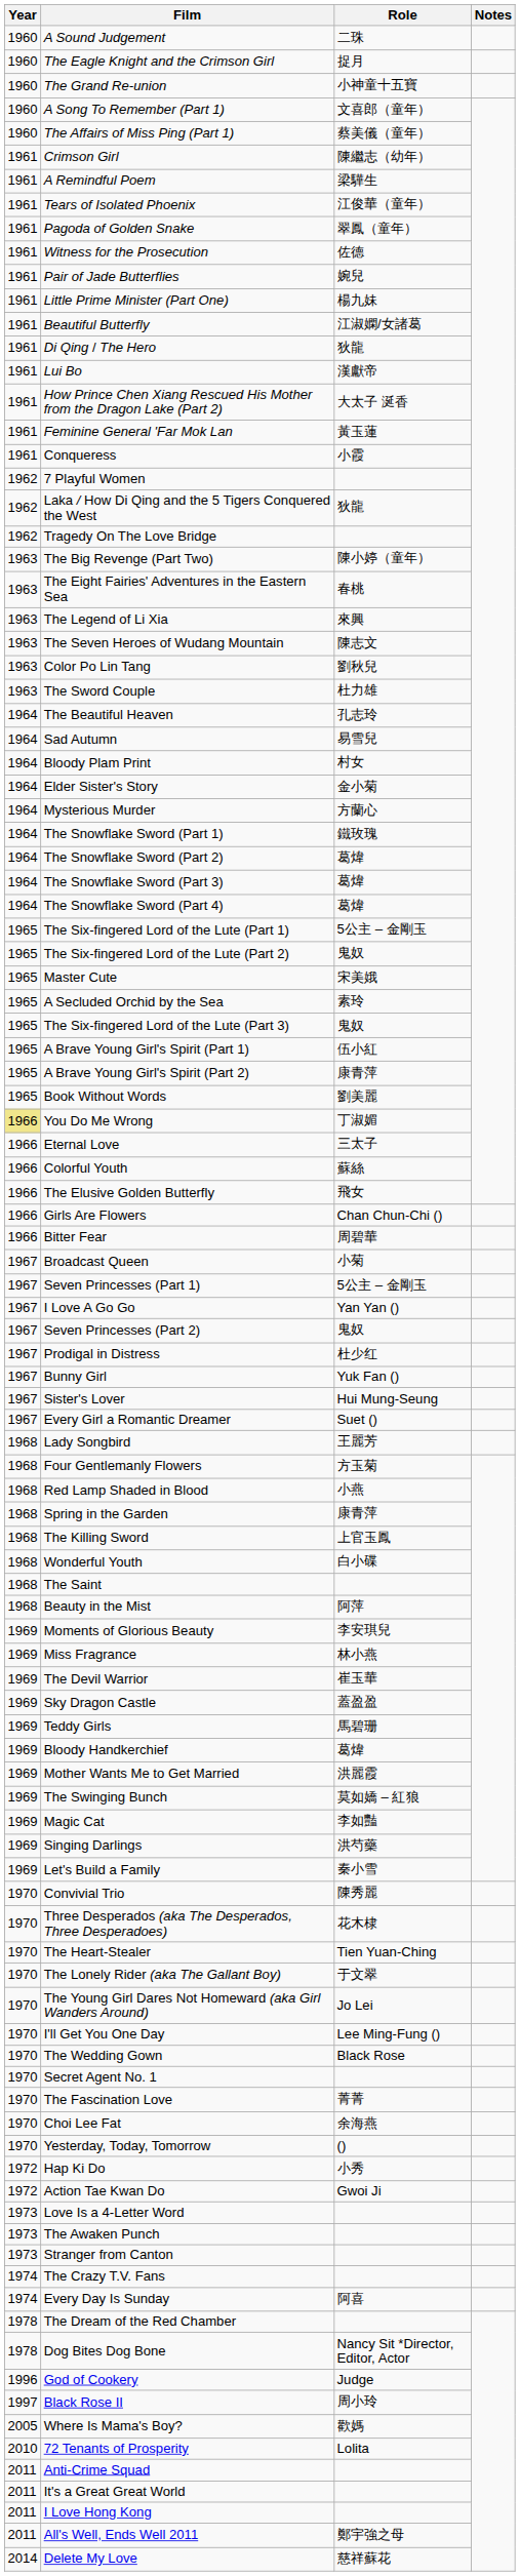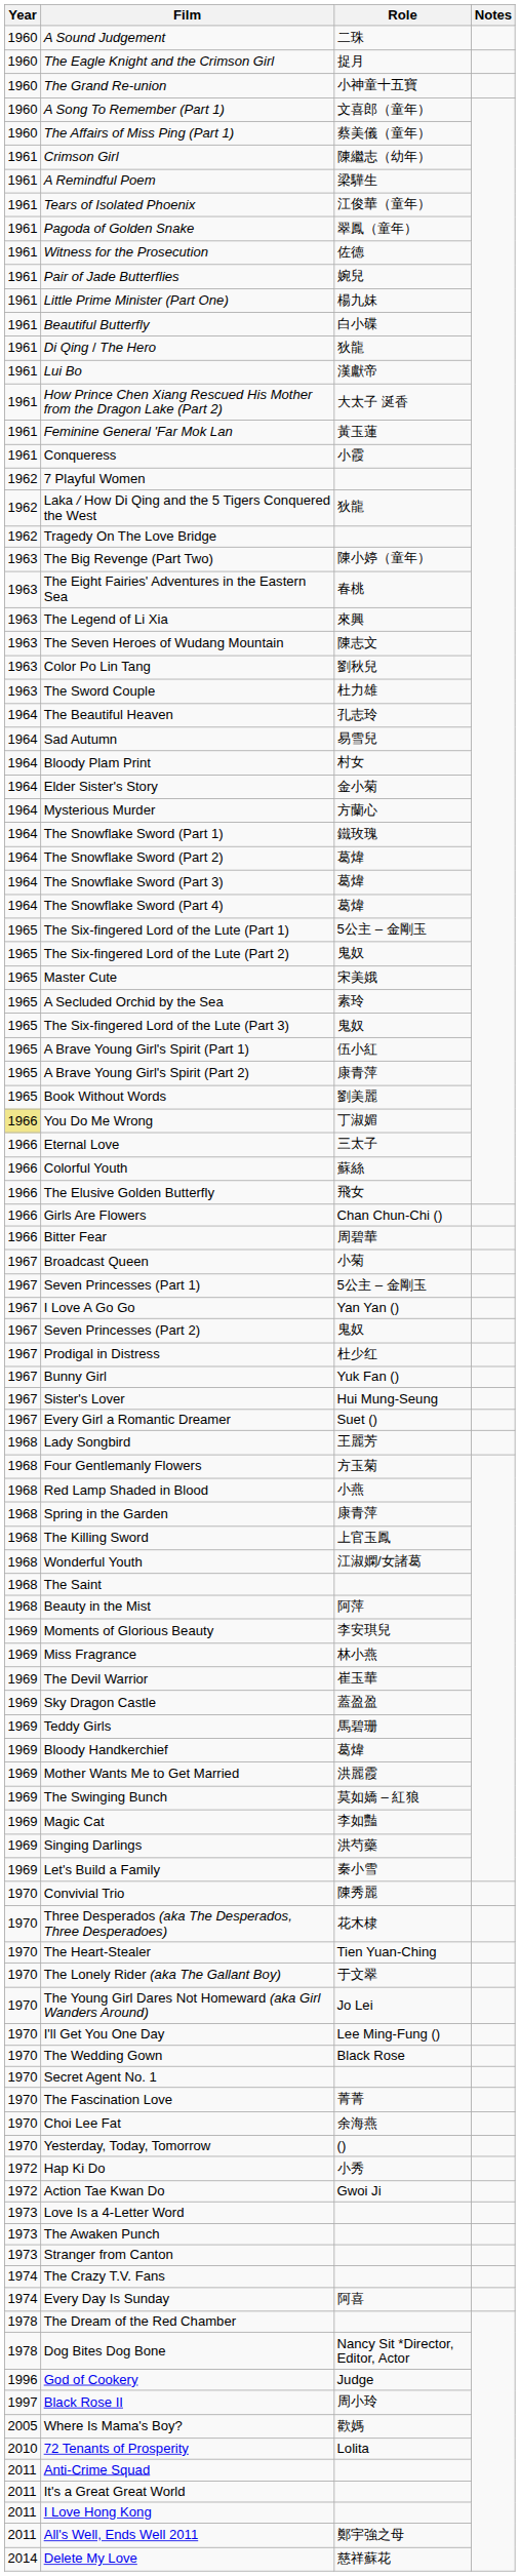 <table class="wikitable">
 <tr>
 <th>Year</th>
 <th>Film</th>
 <th>Role</th>
 <th>Notes</th>
 </tr>
 <tr>
 <td>1960</td>
 <td><em>A Sound Judgement</em></td>
 <td>二珠</td>
 <td></td>
 </tr>
 <tr>
 <td>1960</td>
 <td><em>The Eagle Knight and the Crimson Girl</em></td>
 <td>捉月</td>
 <td></td>
 </tr>
 <tr>
 <td>1960</td>
 <td><em>The Grand Re-union</em></td>
 <td>小神童十五寶</td>
 <td></td>
 </tr>
 <tr>
 <td>1960</td>
 <td><em>A Song To Remember (Part 1)</em></td>
 <td>文喜郎（童年）</td>
 </tr>
 <tr>
 <td>1960</td>
 <td><em>The Affairs of Miss Ping (Part 1)</em></td>
 <td>蔡美儀（童年）</td>
 </tr>
 <tr>
 <td>1961</td>
 <td><em>Crimson Girl</em></td>
 <td>陳繼志（幼年）</td>
 </tr>
 <tr>
 <td>1961</td>
 <td><em>A Remindful Poem</em></td>
 <td>梁驊生</td>
 </tr>
 <tr>
 <td>1961</td>
 <td><em>Tears of Isolated Phoenix</em></td>
 <td>江俊華（童年）</td>
 </tr>
 <tr>
 <td>1961</td>
 <td><em>Pagoda of Golden Snake</em></td>
 <td>翠鳳（童年）</td>
 </tr>
 <tr>
 <td>1961</td>
 <td><em>Witness for the Prosecution</em></td>
 <td>佐德</td>
 </tr>
 <tr>
 <td>1961</td>
 <td><em>Pair of Jade Butterflies</em></td>
 <td>婉兒</td>
 </tr>
 <tr>
 <td>1961</td>
 <td><em>Little Prime Minister (Part One)</em></td>
 <td>楊九妹</td>
 </tr>
 <tr>
 <td>1961</td>
 <td><em>Beautiful Butterfly</em></td>
-<td>江淑嫻/女諸葛</td>
+<td>白小碟</td>
 </tr>
 <tr>
 <td>1961</td>
 <td><em>Di Qing</em> / <em>The Hero</em></td>
 <td>狄龍</td>
 </tr>
 <tr>
 <td>1961</td>
 <td><em>Lui Bo</em></td>
 <td>漢獻帝</td>
 </tr>
 <tr>
 <td>1961</td>
 <td><em>How Prince Chen Xiang Rescued His Mother from the Dragon Lake (Part 2)</em></td>
 <td>大太子 涎香</td>
 </tr>
 <tr>
 <td>1961</td>
 <td><em>Feminine General 'Far Mok Lan<strong></td>
 <td>黃玉蓮</td>
 </tr>
 <tr>
 <td>1961</td>
 <td></em>Conqueress<em></td>
 <td>小霞</td>
 </tr>
 <tr>
 <td>1962</td>
 <td></em>7 Playful Women <em></td>
 <td></td>
 </tr>
 <tr>
 <td>1962</td>
 <td></em>Laka<em> / </em>How Di Qing and the 5 Tigers Conquered the West<em></td>
 <td>狄龍</td>
 </tr>
 <tr>
 <td>1962</td>
 <td></em>Tragedy On The Love Bridge<em></td>
 <td></td>
 </tr>
 <tr>
 <td>1963</td>
 <td></em>The Big Revenge (Part Two)<em></td>
 <td>陳小婷（童年）</td>
 </tr>
 <tr>
 <td>1963</td>
 <td></em>The Eight Fairies' Adventures in the Eastern Sea<em></td>
 <td>春桃</td>
 </tr>
 <tr>
 <td>1963</td>
 <td></em>The Legend of Li Xia<em></td>
 <td>來興</td>
 </tr>
 <tr>
 <td>1963</td>
 <td></em>The Seven Heroes of Wudang Mountain<em></td>
 <td>陳志文</td>
 </tr>
 <tr>
 <td>1963</td>
 <td></em>Color Po Lin Tang<em></td>
 <td>劉秋兒</td>
 </tr>
 <tr>
 <td>1963</td>
 <td></em>The Sword Couple<em></td>
 <td>杜力雄</td>
 </tr>
 <tr>
 <td>1964</td>
 <td></em>The Beautiful Heaven<em></td>
 <td>孔志玲</td>
 </tr>
 <tr>
 <td>1964</td>
 <td></em>Sad Autumn<em></td>
 <td>易雪兒</td>
 </tr>
 <tr>
 <td>1964</td>
 <td></em>Bloody Plam Print<em></td>
 <td>村女</td>
 </tr>
 <tr>
 <td>1964</td>
 <td></em>Elder Sister's Story<em></td>
 <td>金小菊</td>
 </tr>
 <tr>
 <td>1964</td>
 <td></em>Mysterious Murder<em></td>
 <td>方蘭心</td>
 </tr>
 <tr>
 <td>1964</td>
 <td></em>The Snowflake Sword (Part 1)<em></td>
 <td>鐵玫瑰</td>
 </tr>
 <tr>
 <td>1964</td>
 <td></em>The Snowflake Sword (Part 2)<em></td>
 <td>葛煒</td>
 </tr>
 <tr>
 <td>1964</td>
 <td></em>The Snowflake Sword (Part 3)<em></td>
 <td>葛煒</td>
 </tr>
 <tr>
 <td>1964</td>
 <td></em>The Snowflake Sword (Part 4)<em></td>
 <td>葛煒</td>
 </tr>
 <tr>
 <td>1965</td>
 <td></em>The Six-fingered Lord of the Lute (Part 1)<em></td>
 <td>5公主 – 金剛玉</td>
 </tr>
 <tr>
 <td>1965</td>
 <td></em>The Six-fingered Lord of the Lute (Part 2)<em></td>
 <td>鬼奴</td>
 </tr>
 <tr>
 <td>1965</td>
 <td></em>Master Cute<em></td>
 <td>宋美娥</td>
 </tr>
 <tr>
 <td>1965</td>
 <td></em>A Secluded Orchid by the Sea<em></td>
 <td>素玲</td>
 </tr>
 <tr>
 <td>1965</td>
 <td></em>The Six-fingered Lord of the Lute (Part 3)<em></td>
 <td>鬼奴</td>
 </tr>
 <tr>
 <td>1965</td>
 <td></em>A Brave Young Girl's Spirit (Part 1)<em></td>
 <td>伍小紅</td>
 </tr>
 <tr>
 <td>1965</td>
 <td></em>A Brave Young Girl's Spirit (Part 2)<em></td>
 <td>康青萍</td>
 </tr>
 <tr>
 <td>1965</td>
 <td></em>Book Without Words<em></td>
 <td>劉美麗</td>
 </tr>
 <tr>
 <td style="background: khaki;">1966</td>
 <td></em>You Do Me Wrong<em></td>
 <td>丁淑媚</td>
 </tr>
 <tr>
 <td>1966</td>
 <td></em>Eternal Love<em></td>
 <td>三太子</td>
 </tr>
 <tr>
 <td>1966</td>
 <td></em>Colorful Youth<em></td>
 <td>蘇絲</td>
 </tr>
 <tr>
 <td>1966</td>
 <td></em>The Elusive Golden Butterfly<em></td>
 <td>飛女</td>
 </tr>
 <tr>
 <td>1966</td>
 <td></em>Girls Are Flowers<em></td>
 <td>Chan Chun-Chi ()</td>
 <td></td>
 </tr>
 <tr>
 <td>1966</td>
 <td></em>Bitter Fear<em></td>
 <td>周碧華</td>
 </tr>
 <tr>
 <td>1967</td>
 <td></em>Broadcast Queen<em></td>
 <td>小菊</td>
 <td></td>
 </tr>
 <tr>
 <td>1967</td>
 <td></em>Seven Princesses (Part 1)<em></td>
 <td>5公主 – 金剛玉</td>
 </tr>
 <tr>
 <td>1967</td>
 <td></em>I Love A Go Go<em></td>
 <td>Yan Yan ()</td>
 <td></td>
 </tr>
 <tr>
 <td>1967</td>
 <td></em>Seven Princesses (Part 2)<em></td>
 <td>鬼奴</td>
 <td></td>
 </tr>
 <tr>
 <td>1967</td>
 <td></em>Prodigal in Distress<em></td>
 <td>杜少红</td>
 <td></td>
 </tr>
 <tr>
 <td>1967</td>
 <td></em>Bunny Girl<em></td>
 <td>Yuk Fan ()</td>
 <td></td>
 </tr>
 <tr>
 <td>1967</td>
 <td></em>Sister's Lover<em></td>
 <td>Hui Mung-Seung </td>
 <td></td>
 </tr>
 <tr>
 <td>1967</td>
 <td></em>Every Girl a Romantic Dreamer<em></td>
 <td>Suet ()</td>
 <td></td>
 </tr>
 <tr>
 <td>1968</td>
 <td></em>Lady Songbird<em></td>
 <td>王麗芳</td>
 <td></td>
 </tr>
 <tr>
 <td>1968</td>
 <td></em>Four Gentlemanly Flowers<em></td>
 <td>方玉菊</td>
 </tr>
 <tr>
 <td>1968</td>
 <td></em>Red Lamp Shaded in Blood<em></td>
 <td>小燕</td>
 </tr>
 <tr>
 <td>1968</td>
 <td></em>Spring in the Garden<em></td>
 <td>康青萍</td>
 </tr>
 <tr>
 <td>1968</td>
 <td></em>The Killing Sword<em></td>
 <td>上官玉鳳</td>
 </tr>
 <tr>
 <td>1968</td>
 <td></em>Wonderful Youth<em></td>
-<td>白小碟</td>
+<td>江淑嫻/女諸葛</td>
 </tr>
 <tr>
 <td>1968</td>
 <td></em>The Saint<em></td>
 <td></td>
 </tr>
 <tr>
 <td>1968</td>
 <td></em>Beauty in the Mist<em></td>
 <td>阿萍</td>
 </tr>
 <tr>
 <td>1969</td>
 <td></em>Moments of Glorious Beauty<em></td>
 <td>李安琪兒</td>
 </tr>
 <tr>
 <td>1969</td>
 <td></em>Miss Fragrance<em></td>
 <td>林小燕</td>
 </tr>
 <tr>
 <td>1969</td>
 <td></em>The Devil Warrior<em></td>
 <td>崔玉華</td>
 </tr>
 <tr>
 <td>1969</td>
 <td></em>Sky Dragon Castle<em></td>
 <td>蓋盈盈</td>
 </tr>
 <tr>
 <td>1969</td>
 <td></em>Teddy Girls<em></td>
 <td>馬碧珊</td>
 </tr>
 <tr>
 <td>1969</td>
 <td></em>Bloody Handkerchief<em></td>
 <td>葛煒</td>
 </tr>
 <tr>
 <td>1969</td>
 <td></em>Mother Wants Me to Get Married<em></td>
 <td>洪麗霞</td>
 </tr>
 <tr>
 <td>1969</td>
 <td></em>The Swinging Bunch<em></td>
 <td>莫如嬌 – 紅狼</td>
 </tr>
 <tr>
 <td>1969</td>
 <td></em>Magic Cat<em></td>
 <td>李如豔</td>
 </tr>
 <tr>
 <td>1969</td>
 <td></em>Singing Darlings<em></td>
 <td>洪芍藥</td>
 </tr>
 <tr>
 <td>1969</td>
 <td></em>Let's Build a Family<em></td>
 <td>秦小雪</td>
 </tr>
 <tr>
 <td>1970</td>
 <td></em>Convivial Trio<em></td>
 <td>陳秀麗</td>
 <td></td>
 </tr>
 <tr>
 <td>1970</td>
 <td></em>Three Desperados<em> (aka The Desperados, Three Desperadoes)</td>
 <td>花木棣</td>
 <td></td>
 </tr>
 <tr>
 <td>1970</td>
 <td></em>The Heart-Stealer<em></td>
 <td>Tien Yuan-Ching</td>
 <td></td>
 </tr>
 <tr>
 <td>1970</td>
 <td></em>The Lonely Rider<em> (aka The Gallant Boy)</td>
 <td>于文翠</td>
 <td></td>
 </tr>
 <tr>
 <td>1970</td>
 <td></em>The Young Girl Dares Not Homeward<em> (aka Girl Wanders Around)</td>
 <td>Jo Lei</td>
 <td></td>
 </tr>
 <tr>
 <td>1970</td>
 <td></em>I'll Get You One Day<em></td>
 <td>Lee Ming-Fung ()</td>
 <td></td>
 </tr>
 <tr>
 <td>1970</td>
 <td></em>The Wedding Gown<em></td>
 <td>Black Rose</td>
 <td></td>
 </tr>
 <tr>
 <td>1970</td>
 <td></em>Secret Agent No. 1<em></td>
 <td></td>
 <td></td>
 </tr>
 <tr>
 <td>1970</td>
 <td></em>The Fascination Love<em></td>
 <td>菁菁</td>
 <td></td>
 </tr>
 <tr>
 <td>1970</td>
 <td></em>Choi Lee Fat<em></td>
 <td>余海燕</td>
 <td></td>
 </tr>
 <tr>
 <td>1970</td>
 <td></em>Yesterday, Today, Tomorrow<em></td>
 <td>()</td>
 <td></td>
 </tr>
 <tr>
 <td>1972</td>
 <td></em>Hap Ki Do<em></td>
 <td>小秀</td>
 <td></td>
 </tr>
 <tr>
 <td>1972</td>
 <td></em>Action Tae Kwan Do<em></td>
 <td>Gwoi Ji</td>
 <td></td>
 </tr>
 <tr>
 <td>1973</td>
 <td></em>Love Is a 4-Letter Word<em></td>
 <td></td>
 <td></td>
 </tr>
 <tr>
 <td>1973</td>
 <td></em>The Awaken Punch<em></td>
 <td></td>
 <td></td>
 </tr>
 <tr>
 <td>1973</td>
 <td></em>Stranger from Canton<em></td>
 <td></td>
 <td></td>
 </tr>
 <tr>
 <td>1974</td>
 <td></em>The Crazy T.V. Fans<em></td>
 <td></td>
 <td></td>
 </tr>
 <tr>
 <td>1974</td>
 <td></em>Every Day Is Sunday<em></td>
 <td>阿喜</td>
 <td></td>
 </tr>
 <tr>
 <td>1978</td>
 <td></em>The Dream of the Red Chamber<em></td>
 <td></td>
 </tr>
 <tr>
 <td>1978</td>
 <td></em>Dog Bites Dog Bone<em></td>
 <td>Nancy Sit *Director, Editor, Actor</td>
 </tr>
 <tr>
 <td>1996</td>
 <td></em><a href='#'>God of Cookery</a><em></td>
 <td>Judge</td>
 </tr>
 <tr>
 <td>1997</td>
 <td></em><a href='#'>Black Rose II</a><em></td>
 <td>周小玲</td>
 </tr>
 <tr>
 <td>2005</td>
 <td></em>Where Is Mama's Boy?<em></td>
 <td>歡媽</td>
 </tr>
 <tr>
 <td>2010</td>
 <td></em><a href='#'>72 Tenants of Prosperity</a><em></td>
 <td>Lolita</td>
 </tr>
 <tr>
 <td>2011</td>
 <td></em><a href='#'>Anti-Crime Squad</a><em></td>
 <td></td>
 </tr>
 <tr>
 <td>2011</td>
 <td></em>It's a Great Great World<em></td>
 <td></td>
 </tr>
 <tr>
 <td>2011</td>
 <td></em><a href='#'>I Love Hong Kong</a><em></td>
 <td></td>
 </tr>
 <tr>
 <td>2011</td>
 <td></em><a href='#'>All's Well, Ends Well 2011</a><em></td>
 <td>鄭宇強之母</td>
 </tr>
 <tr>
 <td>2014</td>
 <td></em><a href='#'>Delete My Love</a><em></td>
 <td>慈祥蘇花</td>
 </tr>
 </table>
